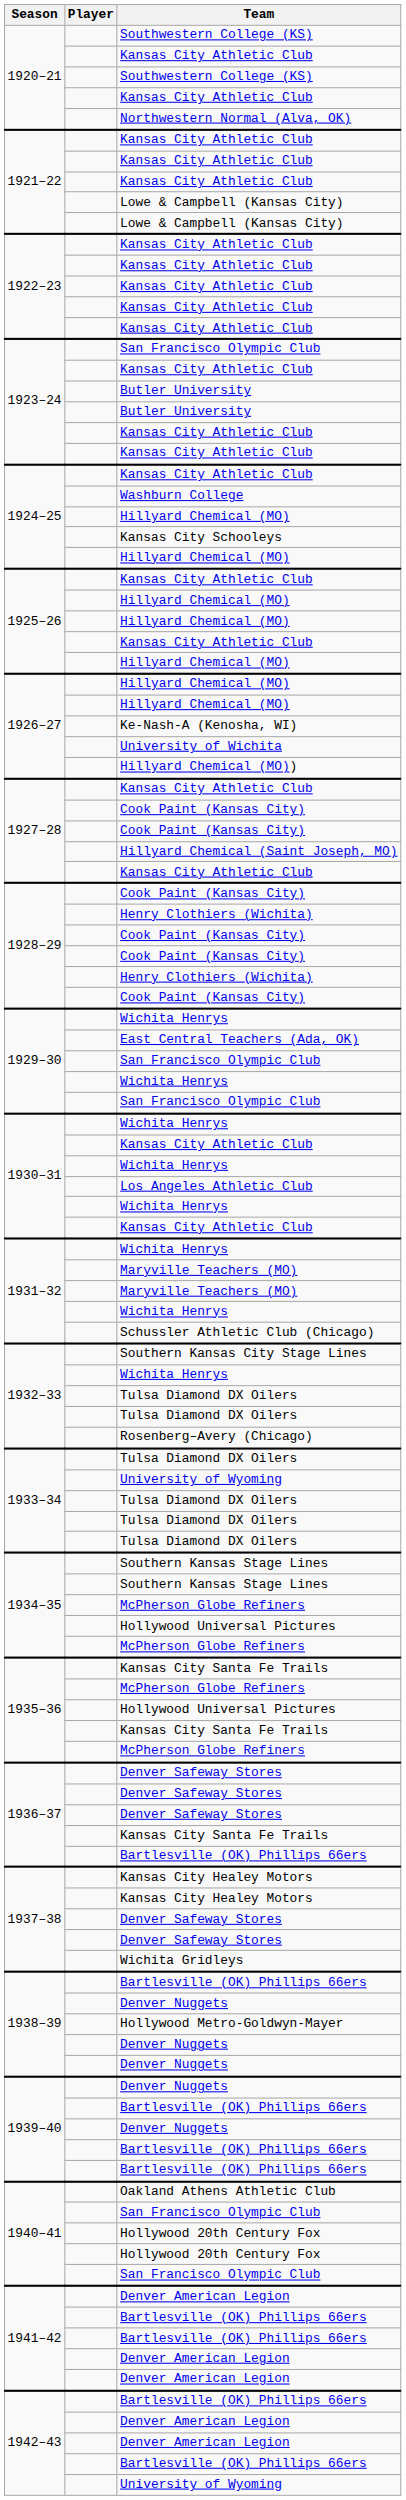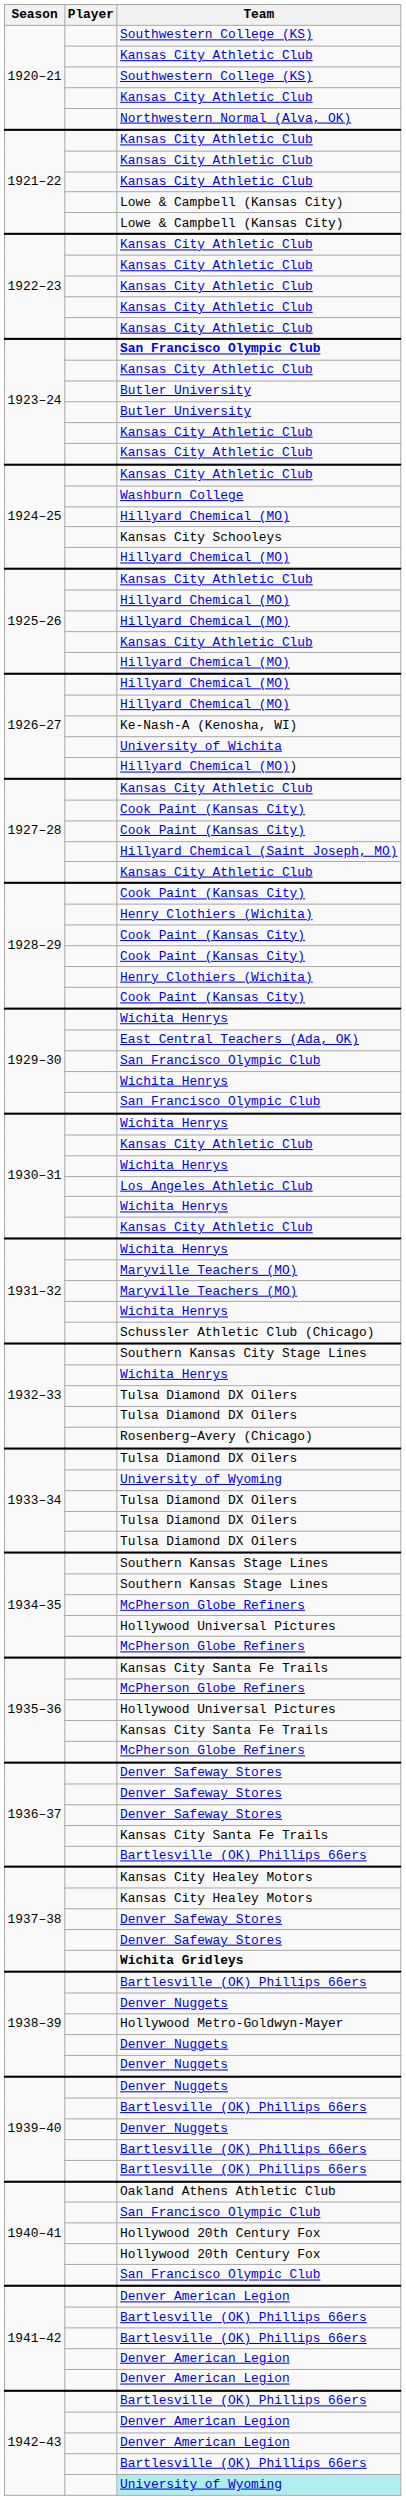 <table class="wikitable"  style="font-size:95%">
 <tr>
 <th>Season</th>
 <th>Player</th>
 <th>Team</th>
 </tr>
 <tr align=center>
 <td rowspan=5>1920–21</td>
 <td></td>
 <td align=left><a href='#'>Southwestern College (KS)</a></td>
 </tr>
 <tr align=center>
 <td></td>
 <td align=left><a href='#'>Kansas City Athletic Club</a></td>
 </tr>
 <tr align=center>
 <td></td>
 <td align=left><a href='#'>Southwestern College (KS)</a></td>
 </tr>
 <tr align=center>
 <td></td>
 <td align=left><a href='#'>Kansas City Athletic Club</a></td>
 </tr>
 <tr align=center>
 <td></td>
 <td align=left><a href='#'>Northwestern Normal (Alva, OK)</a></td>
 </tr>
 <tr style="border-top:2px solid black" align=center>
 <td rowspan=5>1921–22</td>
 <td></td>
 <td align=left><a href='#'>Kansas City Athletic Club</a></td>
 </tr>
 <tr align=center>
 <td></td>
 <td align=left><a href='#'>Kansas City Athletic Club</a></td>
 </tr>
 <tr align=center>
 <td></td>
 <td align=left><a href='#'>Kansas City Athletic Club</a></td>
 </tr>
 <tr align=center>
 <td></td>
 <td align=left>Lowe & Campbell (Kansas City)</td>
 </tr>
 <tr align=center>
 <td></td>
 <td align=left>Lowe & Campbell (Kansas City)</td>
 </tr>
 <tr style="border-top:2px solid black" align=center>
 <td rowspan=5>1922–23</td>
 <td></td>
 <td align=left><a href='#'>Kansas City Athletic Club</a></td>
 </tr>
 <tr align=center>
 <td></td>
 <td align=left><a href='#'>Kansas City Athletic Club</a></td>
 </tr>
 <tr align=center>
 <td></td>
 <td align=left><a href='#'>Kansas City Athletic Club</a></td>
 </tr>
 <tr align=center>
 <td></td>
 <td align=left><a href='#'>Kansas City Athletic Club</a></td>
 </tr>
 <tr align=center>
 <td></td>
 <td align=left><a href='#'>Kansas City Athletic Club</a></td>
 </tr>
 <tr style="border-top:2px solid black" align=center>
 <td rowspan=6>1923–24</td>
 <td></td>
-<td align=left><a href='#'>San Francisco Olympic Club</a></td>
+<td align=left><strong><a href='#'>San Francisco Olympic Club</a></strong></td>
 </tr>
 <tr align=center>
 <td></td>
 <td align=left><a href='#'>Kansas City Athletic Club</a></td>
 </tr>
 <tr align=center>
 <td></td>
 <td align=left><a href='#'>Butler University</a></td>
 </tr>
 <tr align=center>
 <td></td>
 <td align=left><a href='#'>Butler University</a></td>
 </tr>
 <tr align=center>
 <td></td>
 <td align=left><a href='#'>Kansas City Athletic Club</a></td>
 </tr>
 <tr align=center>
 <td></td>
 <td align=left><a href='#'>Kansas City Athletic Club</a></td>
 </tr>
 <tr style="border-top:2px solid black" align=center>
 <td rowspan=5>1924–25</td>
 <td></td>
 <td align=left><a href='#'>Kansas City Athletic Club</a></td>
 </tr>
 <tr align=center>
 <td></td>
 <td align=left><a href='#'>Washburn College</a></td>
 </tr>
 <tr align=center>
 <td></td>
 <td align=left><a href='#'>Hillyard Chemical (MO)</a></td>
 </tr>
 <tr align=center>
 <td></td>
 <td align=left>Kansas City Schooleys</td>
 </tr>
 <tr align=center>
 <td></td>
 <td align=left><a href='#'>Hillyard Chemical (MO)</a></td>
 </tr>
 <tr style="border-top:2px solid black" align=center>
 <td rowspan=5>1925–26</td>
 <td></td>
 <td align=left><a href='#'>Kansas City Athletic Club</a></td>
 </tr>
 <tr align=center>
 <td></td>
 <td align=left><a href='#'>Hillyard Chemical (MO)</a></td>
 </tr>
 <tr align=center>
 <td></td>
 <td align=left><a href='#'>Hillyard Chemical (MO)</a></td>
 </tr>
 <tr align=center>
 <td></td>
 <td align=left><a href='#'>Kansas City Athletic Club</a></td>
 </tr>
 <tr align=center>
 <td></td>
 <td align=left><a href='#'>Hillyard Chemical (MO)</a></td>
 </tr>
 <tr style="border-top:2px solid black" align=center>
 <td rowspan=5>1926–27</td>
 <td></td>
 <td align=left><a href='#'>Hillyard Chemical (MO)</a></td>
 </tr>
 <tr align=center>
 <td></td>
 <td align=left><a href='#'>Hillyard Chemical (MO)</a></td>
 </tr>
 <tr align=center>
 <td></td>
 <td align=left>Ke-Nash-A (Kenosha, WI)</td>
 </tr>
 <tr align=center>
 <td></td>
 <td align=left><a href='#'>University of Wichita</a></td>
 </tr>
 <tr align=center>
 <td></td>
 <td align=left><a href='#'>Hillyard Chemical (MO)</a>)</td>
 </tr>
 <tr style="border-top:2px solid black" align=center>
 <td rowspan=5>1927–28</td>
 <td></td>
 <td align=left><a href='#'>Kansas City Athletic Club</a></td>
 </tr>
 <tr align=center>
 <td></td>
 <td align=left><a href='#'>Cook Paint (Kansas City)</a></td>
 </tr>
 <tr align=center>
 <td></td>
 <td align=left><a href='#'>Cook Paint (Kansas City)</a></td>
 </tr>
 <tr align=center>
 <td></td>
 <td align=left><a href='#'>Hillyard Chemical (Saint Joseph, MO)</a></td>
 </tr>
 <tr align=center>
 <td></td>
 <td align=left><a href='#'>Kansas City Athletic Club</a></td>
 </tr>
 <tr style="border-top:2px solid black" align=center>
 <td rowspan=6>1928–29</td>
 <td></td>
 <td align=left><a href='#'>Cook Paint (Kansas City)</a></td>
 </tr>
 <tr align=center>
 <td></td>
 <td align=left><a href='#'>Henry Clothiers (Wichita)</a></td>
 </tr>
 <tr align=center>
 <td></td>
 <td align=left><a href='#'>Cook Paint (Kansas City)</a></td>
 </tr>
 <tr align=center>
 <td></td>
 <td align=left><a href='#'>Cook Paint (Kansas City)</a></td>
 </tr>
 <tr align=center>
 <td></td>
 <td align=left><a href='#'>Henry Clothiers (Wichita)</a></td>
 </tr>
 <tr align=center>
 <td></td>
 <td align=left><a href='#'>Cook Paint (Kansas City)</a></td>
 </tr>
 <tr style="border-top:2px solid black" align=center>
 <td rowspan=5>1929–30</td>
 <td></td>
 <td align=left><a href='#'>Wichita Henrys</a></td>
 </tr>
 <tr align=center>
 <td></td>
 <td align=left><a href='#'>East Central Teachers (Ada, OK)</a></td>
 </tr>
 <tr align=center>
 <td></td>
 <td align=left><a href='#'>San Francisco Olympic Club</a></td>
 </tr>
 <tr align=center>
 <td></td>
 <td align=left><a href='#'>Wichita Henrys</a></td>
 </tr>
 <tr align=center>
 <td></td>
 <td align=left><a href='#'>San Francisco Olympic Club</a></td>
 </tr>
 <tr style="border-top:2px solid black" align=center>
 <td rowspan=6>1930–31</td>
 <td></td>
 <td align=left><a href='#'>Wichita Henrys</a></td>
 </tr>
 <tr align=center>
 <td></td>
 <td align=left><a href='#'>Kansas City Athletic Club</a></td>
 </tr>
 <tr align=center>
 <td></td>
 <td align=left><a href='#'>Wichita Henrys</a></td>
 </tr>
 <tr align=center>
 <td></td>
 <td align=left><a href='#'>Los Angeles Athletic Club</a></td>
 </tr>
 <tr align=center>
 <td></td>
 <td align=left><a href='#'>Wichita Henrys</a></td>
 </tr>
 <tr align=center>
 <td></td>
 <td align=left><a href='#'>Kansas City Athletic Club</a></td>
 </tr>
 <tr style="border-top:2px solid black" align=center>
 <td rowspan=5>1931–32</td>
 <td></td>
 <td align=left><a href='#'>Wichita Henrys</a></td>
 </tr>
 <tr align=center>
 <td></td>
 <td align=left><a href='#'>Maryville Teachers (MO)</a></td>
 </tr>
 <tr align=center>
 <td></td>
 <td align=left><a href='#'>Maryville Teachers (MO)</a></td>
 </tr>
 <tr align=center>
 <td></td>
 <td align=left><a href='#'>Wichita Henrys</a></td>
 </tr>
 <tr align=center>
 <td></td>
 <td align=left>Schussler Athletic Club (Chicago)</td>
 </tr>
 <tr style="border-top:2px solid black" align=center>
 <td rowspan=5>1932–33</td>
 <td></td>
 <td align=left>Southern Kansas City Stage Lines</td>
 </tr>
 <tr align=center>
 <td></td>
 <td align=left><a href='#'>Wichita Henrys</a></td>
 </tr>
 <tr align=center>
 <td></td>
 <td align=left>Tulsa Diamond DX Oilers</td>
 </tr>
 <tr align=center>
 <td></td>
 <td align=left>Tulsa Diamond DX Oilers</td>
 </tr>
 <tr align=center>
 <td></td>
 <td align=left>Rosenberg–Avery (Chicago)</td>
 </tr>
 <tr style="border-top:2px solid black" align=center>
 <td rowspan=5>1933–34</td>
 <td></td>
 <td align=left>Tulsa Diamond DX Oilers</td>
 </tr>
 <tr align=center>
 <td></td>
 <td align=left><a href='#'>University of Wyoming</a></td>
 </tr>
 <tr align=center>
 <td></td>
 <td align=left>Tulsa Diamond DX Oilers</td>
 </tr>
 <tr align=center>
 <td></td>
 <td align=left>Tulsa Diamond DX Oilers</td>
 </tr>
 <tr align=center>
 <td></td>
 <td align=left>Tulsa Diamond DX Oilers</td>
 </tr>
 <tr style="border-top:2px solid black" align=center>
 <td rowspan=5>1934–35</td>
 <td></td>
 <td align=left>Southern Kansas Stage Lines</td>
 </tr>
 <tr align=center>
 <td></td>
 <td align=left>Southern Kansas Stage Lines</td>
 </tr>
 <tr align=center>
 <td></td>
 <td align=left><a href='#'>McPherson Globe Refiners</a></td>
 </tr>
 <tr align=center>
 <td></td>
 <td align=left>Hollywood Universal Pictures</td>
 </tr>
 <tr align=center>
 <td></td>
 <td align=left><a href='#'>McPherson Globe Refiners</a></td>
 </tr>
 <tr style="border-top:2px solid black" align=center>
 <td rowspan=5>1935–36</td>
 <td></td>
 <td align=left>Kansas City Santa Fe Trails</td>
 </tr>
 <tr align=center>
 <td></td>
 <td align=left><a href='#'>McPherson Globe Refiners</a></td>
 </tr>
 <tr align=center>
 <td></td>
 <td align=left>Hollywood Universal Pictures</td>
 </tr>
 <tr align=center>
 <td></td>
 <td align=left>Kansas City Santa Fe Trails</td>
 </tr>
 <tr align=center>
 <td></td>
 <td align=left><a href='#'>McPherson Globe Refiners</a></td>
 </tr>
 <tr style="border-top:2px solid black" align=center>
 <td rowspan=5>1936–37</td>
 <td></td>
 <td align=left><a href='#'>Denver Safeway Stores</a></td>
 </tr>
 <tr align=center>
 <td></td>
 <td align=left><a href='#'>Denver Safeway Stores</a></td>
 </tr>
 <tr align=center>
 <td></td>
 <td align=left><a href='#'>Denver Safeway Stores</a></td>
 </tr>
 <tr align=center>
 <td></td>
 <td align=left>Kansas City Santa Fe Trails</td>
 </tr>
 <tr align=center>
 <td></td>
 <td align=left><a href='#'>Bartlesville (OK) Phillips 66ers</a></td>
 </tr>
 <tr style="border-top:2px solid black" align=center>
 <td rowspan=5>1937–38</td>
 <td></td>
 <td align=left>Kansas City Healey Motors</td>
 </tr>
 <tr align=center>
 <td></td>
 <td align=left>Kansas City Healey Motors</td>
 </tr>
 <tr align=center>
 <td></td>
 <td align=left><a href='#'>Denver Safeway Stores</a></td>
 </tr>
 <tr align=center>
 <td></td>
 <td align=left><a href='#'>Denver Safeway Stores</a></td>
 </tr>
 <tr align=center>
 <td></td>
-<td align=left>Wichita Gridleys</td>
+<td align=left><strong>Wichita Gridleys</strong></td>
 </tr>
 <tr style="border-top:2px solid black" align=center>
 <td rowspan=5>1938–39</td>
 <td></td>
 <td align=left><a href='#'>Bartlesville (OK) Phillips 66ers</a></td>
 </tr>
 <tr align=center>
 <td></td>
 <td align=left><a href='#'>Denver Nuggets</a></td>
 </tr>
 <tr align=center>
 <td></td>
 <td align=left>Hollywood Metro-Goldwyn-Mayer</td>
 </tr>
 <tr align=center>
 <td></td>
 <td align=left><a href='#'>Denver Nuggets</a></td>
 </tr>
 <tr align=center>
 <td></td>
 <td align=left><a href='#'>Denver Nuggets</a></td>
 </tr>
 <tr style="border-top:2px solid black" align=center>
 <td rowspan=5>1939–40</td>
 <td></td>
 <td align=left><a href='#'>Denver Nuggets</a></td>
 </tr>
 <tr align=center>
 <td></td>
 <td align=left><a href='#'>Bartlesville (OK) Phillips 66ers</a></td>
 </tr>
 <tr align=center>
 <td></td>
 <td align=left><a href='#'>Denver Nuggets</a></td>
 </tr>
 <tr align=center>
 <td></td>
 <td align=left><a href='#'>Bartlesville (OK) Phillips 66ers</a></td>
 </tr>
 <tr align=center>
 <td></td>
 <td align=left><a href='#'>Bartlesville (OK) Phillips 66ers</a></td>
 </tr>
 <tr style="border-top:2px solid black" align=center>
 <td rowspan=5>1940–41</td>
 <td></td>
 <td align=left>Oakland Athens Athletic Club</td>
 </tr>
 <tr align=center>
 <td></td>
 <td align=left><a href='#'>San Francisco Olympic Club</a></td>
 </tr>
 <tr align=center>
 <td></td>
 <td align=left>Hollywood 20th Century Fox</td>
 </tr>
 <tr align=center>
 <td></td>
 <td align=left>Hollywood 20th Century Fox</td>
 </tr>
 <tr align=center>
 <td></td>
 <td align=left><a href='#'>San Francisco Olympic Club</a></td>
 </tr>
 <tr style="border-top:2px solid black" align=center>
 <td rowspan=5>1941–42</td>
 <td></td>
 <td align=left><a href='#'>Denver American Legion</a></td>
 </tr>
 <tr align=center>
 <td></td>
 <td align=left><a href='#'>Bartlesville (OK) Phillips 66ers</a></td>
 </tr>
 <tr align=center>
 <td></td>
 <td align=left><a href='#'>Bartlesville (OK) Phillips 66ers</a></td>
 </tr>
 <tr align=center>
 <td></td>
 <td align=left><a href='#'>Denver American Legion</a></td>
 </tr>
 <tr align=center>
 <td></td>
 <td align=left><a href='#'>Denver American Legion</a></td>
 </tr>
 <tr style="border-top:2px solid black" align=center>
 <td rowspan=5>1942–43</td>
 <td></td>
 <td align=left><a href='#'>Bartlesville (OK) Phillips 66ers</a></td>
 </tr>
 <tr align=center>
 <td></td>
 <td align=left><a href='#'>Denver American Legion</a></td>
 </tr>
 <tr align=center>
 <td></td>
 <td align=left><a href='#'>Denver American Legion</a></td>
 </tr>
 <tr align=center>
 <td></td>
 <td align=left><a href='#'>Bartlesville (OK) Phillips 66ers</a></td>
 </tr>
 <tr align=center>
 <td></td>
-<td align=left><a href='#'>University of Wyoming</a></td>
+<td align=left style="background: paleturquoise;"><a href='#'>University of Wyoming</a></td>
 </tr>
 </table>
